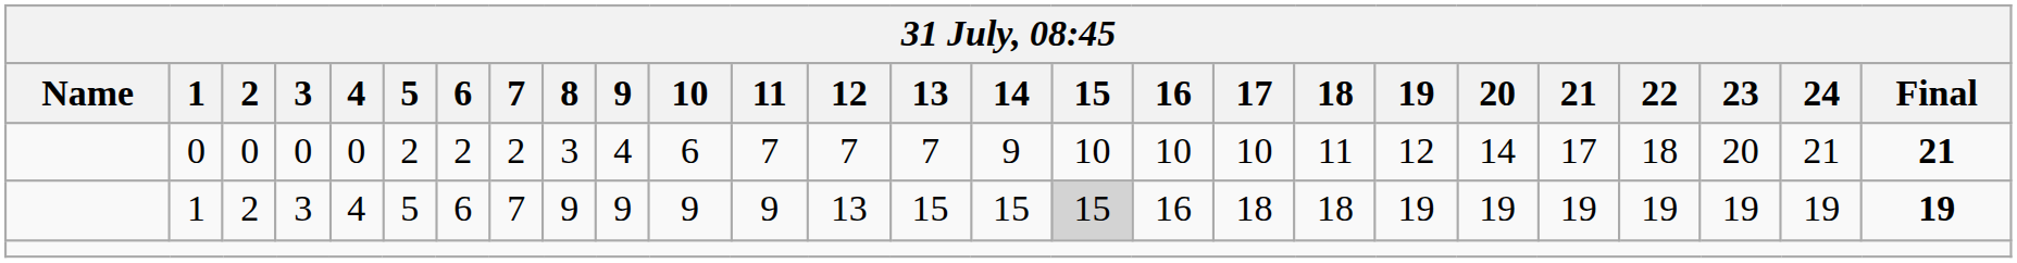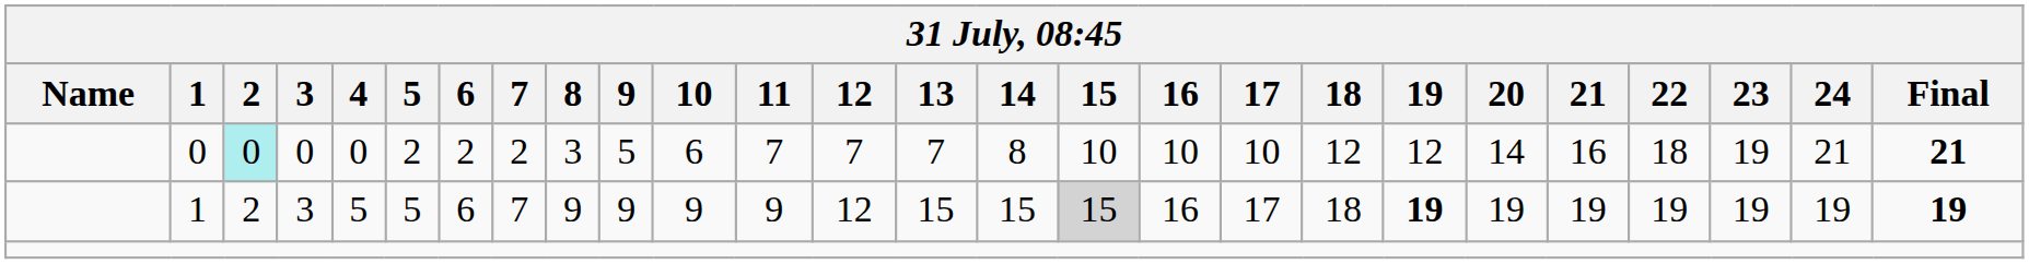 <table class=wikitable style="text-align:center; width: 55%">
 <tr>
 <th colspan=26><em>31 July, 08:45</em></th>
 </tr>
 <tr>
 <th>Name</th>
 <th>1</th>
 <th>2</th>
 <th>3</th>
 <th>4</th>
 <th>5</th>
 <th>6</th>
 <th>7</th>
 <th>8</th>
 <th>9</th>
 <th>10</th>
 <th>11</th>
 <th>12</th>
 <th>13</th>
 <th>14</th>
 <th>15</th>
 <th>16</th>
 <th>17</th>
 <th>18</th>
 <th>19</th>
 <th>20</th>
 <th>21</th>
 <th>22</th>
 <th>23</th>
 <th>24</th>
 <th>Final</th>
 </tr>
 <tr>
 <td align=left><strong></strong></td>
 <td>0</td>
-<td>0</td>
+<td style="background: paleturquoise;">0</td>
 <td>0</td>
 <td>0</td>
 <td>2</td>
 <td>2</td>
 <td>2</td>
 <td>3</td>
-<td>4</td>
+<td>5</td>
 <td>6</td>
 <td>7</td>
 <td>7</td>
 <td>7</td>
-<td>9</td>
+<td>8</td>
 <td>10</td>
 <td>10</td>
 <td>10</td>
-<td>11</td>
+<td>12</td>
 <td>12</td>
 <td>14</td>
-<td>17</td>
+<td>16</td>
 <td>18</td>
-<td>20</td>
+<td>19</td>
 <td>21</td>
 <td><strong>21</strong></td>
 </tr>
 <tr>
 <td align=left></td>
 <td>1</td>
 <td>2</td>
 <td>3</td>
-<td>4</td>
+<td>5</td>
 <td>5</td>
 <td>6</td>
 <td>7</td>
 <td>9</td>
 <td>9</td>
 <td>9</td>
 <td>9</td>
-<td>13</td>
+<td>12</td>
 <td>15</td>
 <td>15</td>
 <td style="background: lightgrey;">15</td>
 <td>16</td>
+<td>17</td>
 <td>18</td>
-<td>18</td>
-<td>19</td>
+<td><strong>19</strong></td>
 <td>19</td>
 <td>19</td>
 <td>19</td>
 <td>19</td>
 <td>19</td>
 <td><strong>19</strong></td>
 </tr>
 <tr>
 <td colspan=26></td>
 </tr>
 </table>
